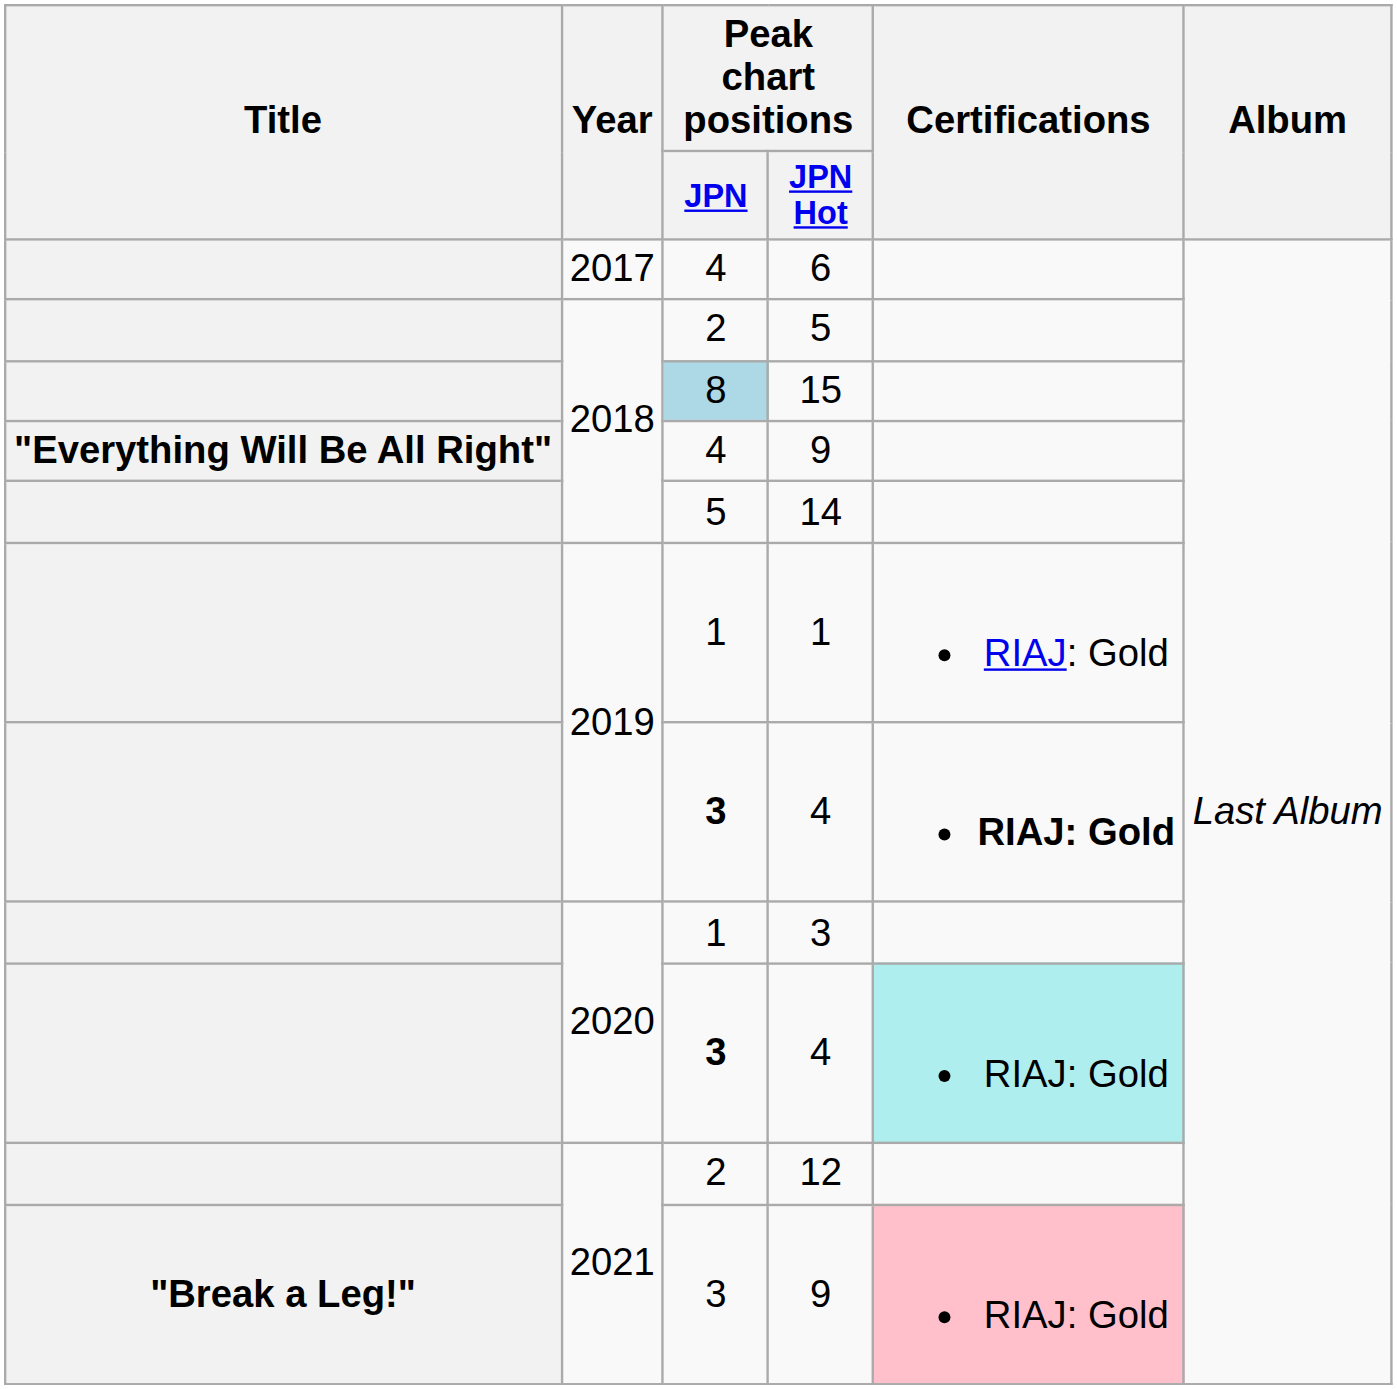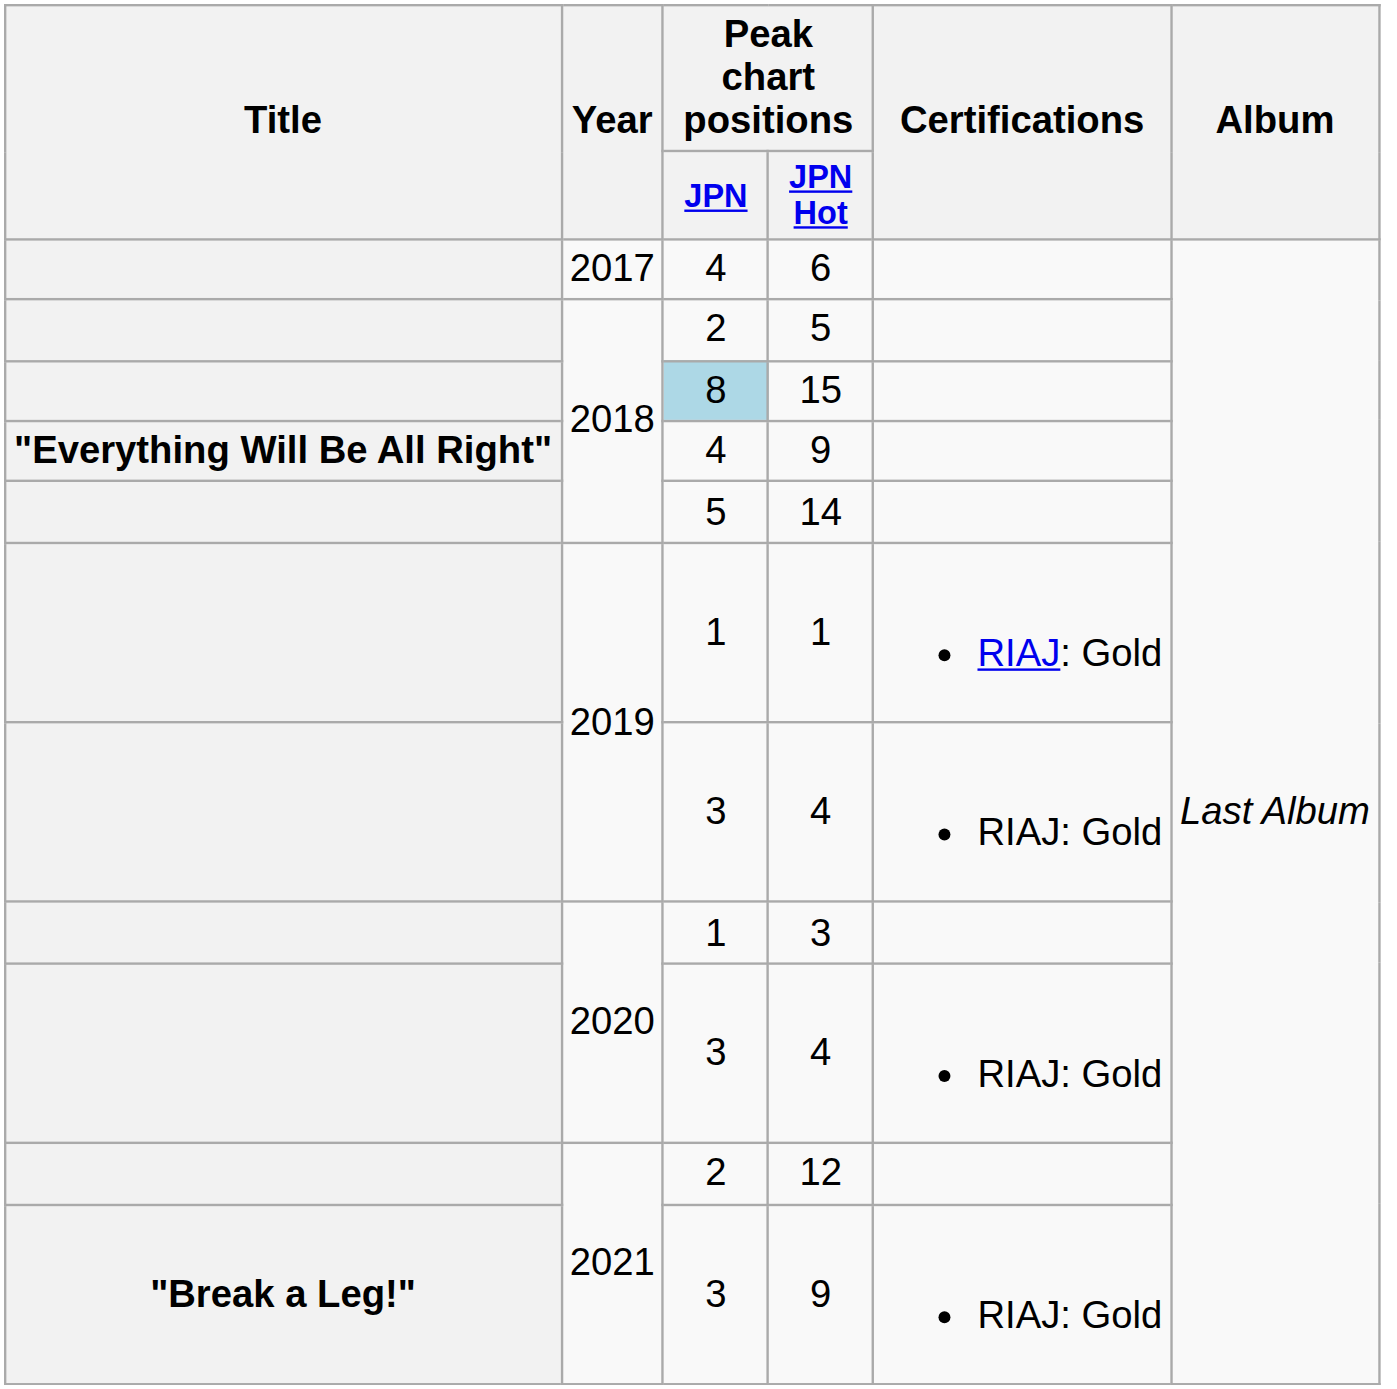 <table class="wikitable plainrowheaders" style="text-align:center;">
 <tr>
 <th scope="col" rowspan="2">Title</th>
 <th scope="col" rowspan="2">Year</th>
 <th scope="col" colspan="2">Peak chart positions</th>
 <th scope="col" rowspan="2">Certifications</th>
 <th scope="col" rowspan="2">Album</th>
 </tr>
 <tr>
 <th scope="col" style="width:2.75em;font-size:85%;"><a href='#'>JPN</a><br></th>
 <th scope="col" style="width:2.75em;font-size:85%;"><a href='#'>JPN<br>Hot</a><br></th>
 </tr>
 <tr>
 <th scope="row"></th>
 <td>2017</td>
 <td>4</td>
 <td>6</td>
 <td></td>
 <td rowspan="11"><em>Last Album</em></td>
 </tr>
 <tr>
 <th scope="row"></th>
 <td rowspan="4">2018</td>
 <td>2</td>
 <td>5</td>
 <td></td>
 </tr>
 <tr>
 <th scope="row"></th>
 <td style="background: lightblue;">8</td>
 <td>15</td>
 <td></td>
 </tr>
 <tr>
 <th scope="row">"Everything Will Be All Right"</th>
 <td>4</td>
 <td>9</td>
 <td></td>
 </tr>
 <tr>
 <th scope="row"></th>
 <td>5</td>
 <td>14</td>
 <td></td>
 </tr>
 <tr>
 <th scope="row"></th>
 <td rowspan="2">2019</td>
 <td>1</td>
 <td>1</td>
 <td><br><ul><li><a href='#'>RIAJ</a>: Gold </li></ul></td>
 </tr>
 <tr>
 <th scope="row"></th>
-<td><strong>3</strong></td>
+<td>3</td>
 <td>4</td>
-<td><strong><br><ul><li>RIAJ: Gold </li></ul></strong></td>
+<td><br><ul><li>RIAJ: Gold </li></ul></td>
 </tr>
 <tr>
 <th scope="row"></th>
 <td rowspan="2">2020</td>
 <td>1</td>
 <td>3</td>
 <td></td>
 </tr>
 <tr>
 <th scope="row"></th>
-<td><strong>3</strong></td>
+<td>3</td>
 <td>4</td>
-<td style="background: paleturquoise;"><br><ul><li>RIAJ: Gold </li></ul></td>
+<td><br><ul><li>RIAJ: Gold </li></ul></td>
 </tr>
 <tr>
 <th scope="row"></th>
 <td rowspan="2">2021</td>
 <td>2</td>
 <td>12</td>
 <td></td>
 </tr>
 <tr>
 <th scope="row">"Break a Leg!"</th>
 <td>3</td>
 <td>9</td>
-<td style="background: pink;"><br><ul><li>RIAJ: Gold </li></ul></td>
+<td><br><ul><li>RIAJ: Gold </li></ul></td>
 </tr>
 </table>
